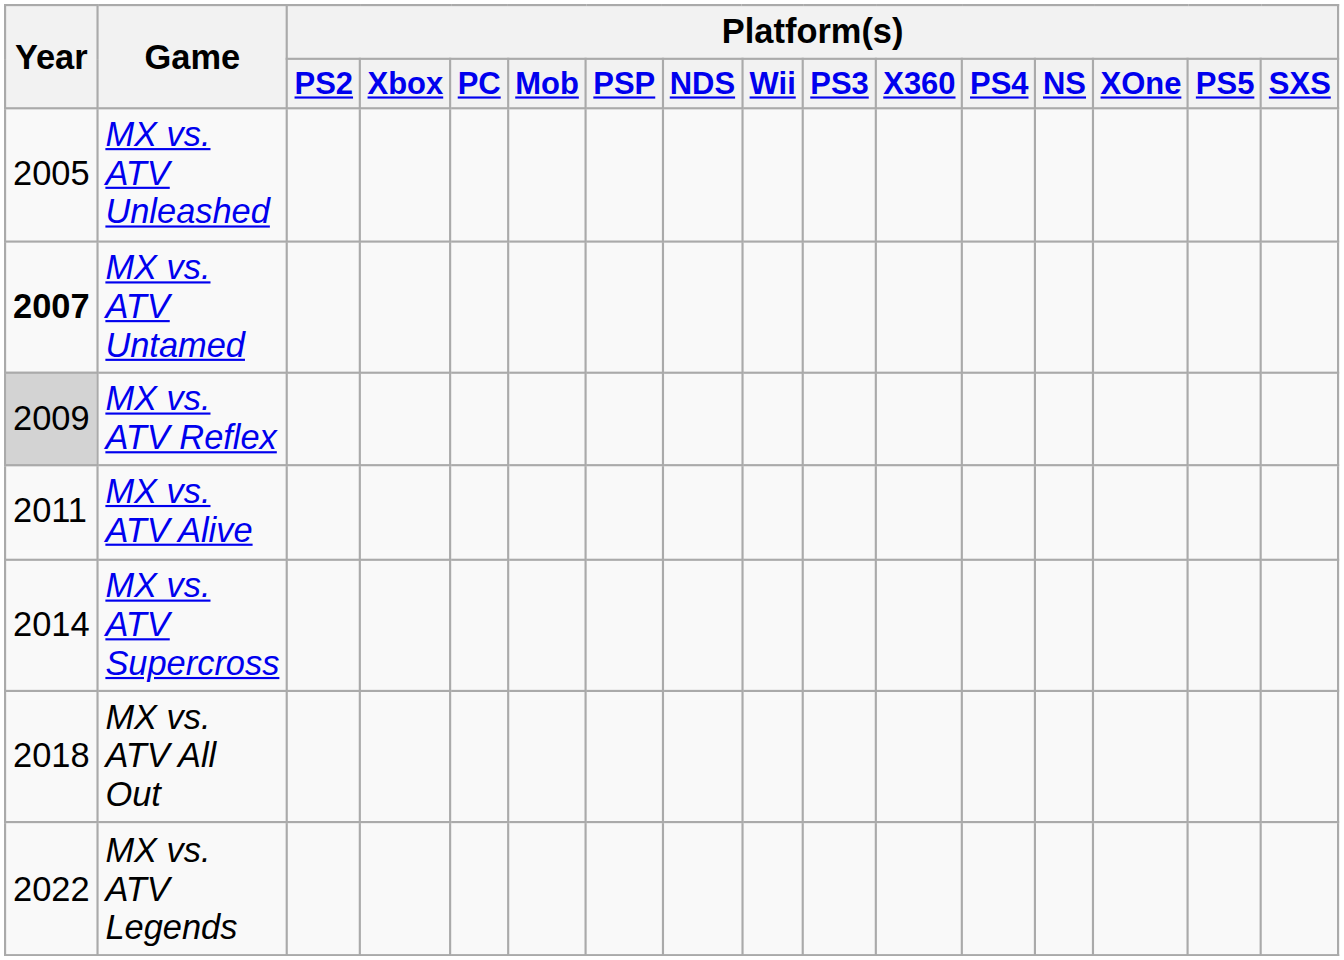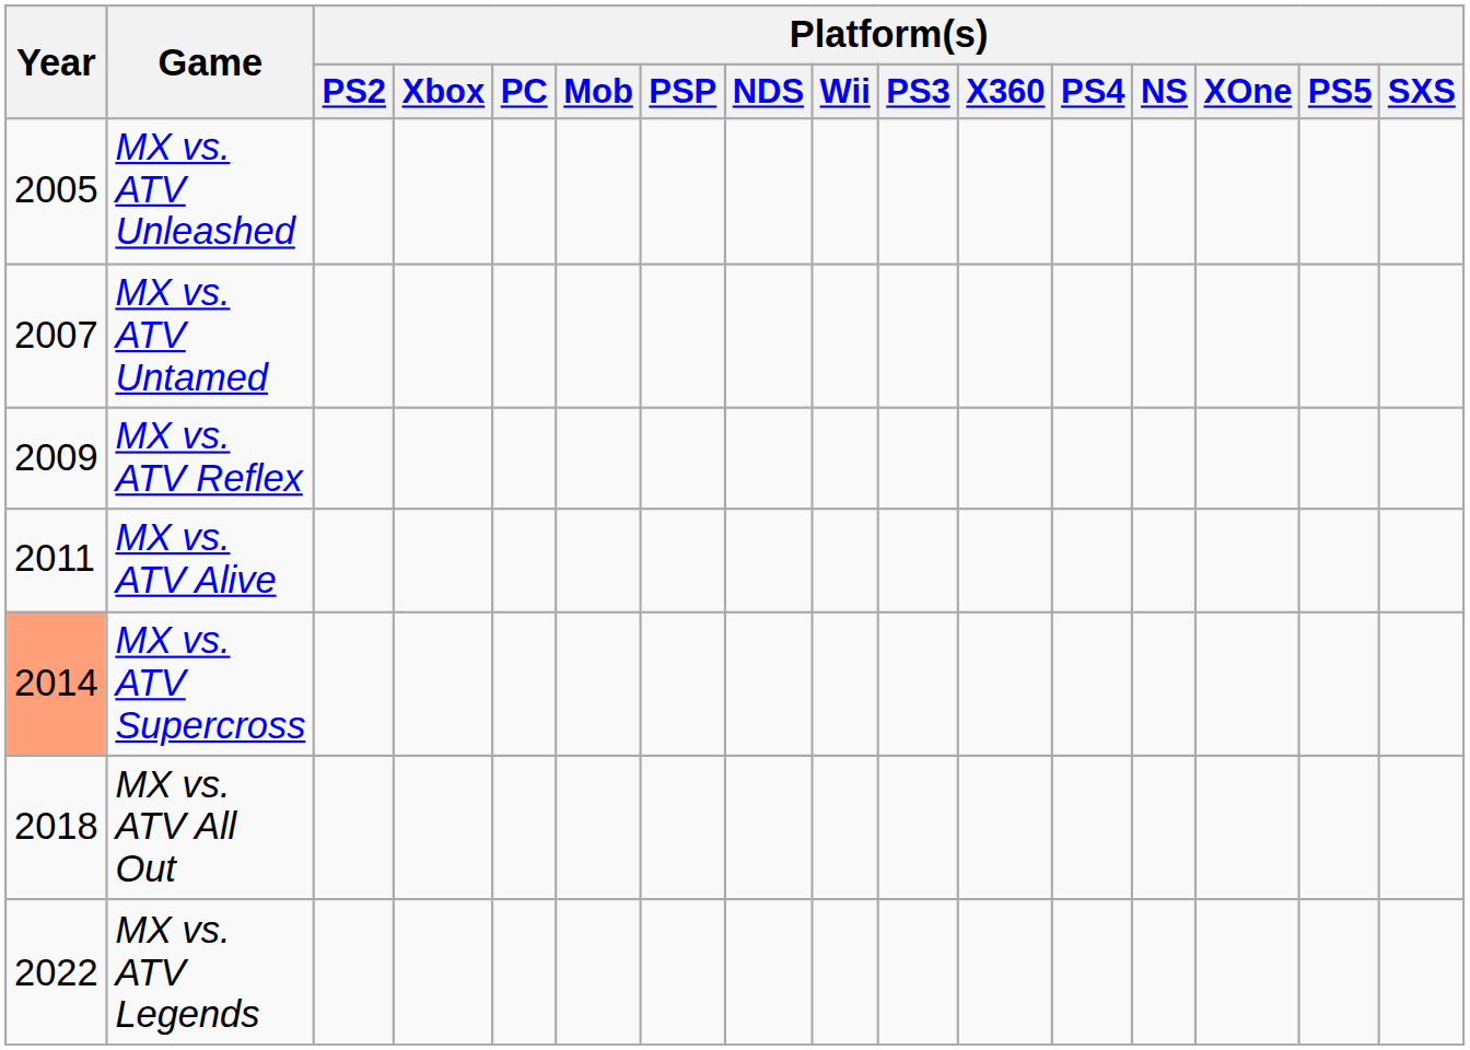 <table class="wikitable sortable">
 <tr>
 <th rowspan="2">Year</th>
 <th rowspan="2">Game</th>
 <th colspan="14">Platform(s)</th>
 </tr>
 <tr>
 <th style="width:3em; font-size:90%" class="unsortable"><a href='#'>PS2</a></th>
 <th style="width:3em; font-size:90%" class="unsortable"><a href='#'>Xbox</a></th>
 <th style="width:3em; font-size:90%" class="unsortable"><a href='#'>PC</a></th>
 <th style="width:3em; font-size:90%" class="unsortable"><a href='#'>Mob</a></th>
 <th style="width:3em; font-size:90%" class="unsortable"><a href='#'>PSP</a></th>
 <th style="width:3em; font-size:90%" class="unsortable"><a href='#'>NDS</a></th>
 <th style="width:3em; font-size:90%" class="unsortable"><a href='#'>Wii</a></th>
 <th style="width:3em; font-size:90%" class="unsortable"><a href='#'>PS3</a></th>
 <th style="width:3em; font-size:90%" class="unsortable"><a href='#'>X360</a></th>
 <th style="width:3em; font-size:90%" class="unsortable"><a href='#'>PS4</a></th>
 <th style="width:3em; font-size:90%" class="unsortable"><a href='#'>NS</a></th>
 <th style="width:3em; font-size:90%" class="unsortable"><a href='#'>XOne</a></th>
 <th style="width:3em; font-size:90%" class="unsortable"><a href='#'>PS5</a></th>
 <th style="width:3em; font-size:90%" class="unsortable"><a href='#'>SXS</a></th>
 </tr>
 <tr>
 <td>2005</td>
 <td><em><a href='#'>MX vs. ATV Unleashed</a></em></td>
 <td></td>
 <td></td>
 <td></td>
 <td></td>
 <td></td>
 <td></td>
 <td></td>
 <td></td>
 <td></td>
 <td></td>
 <td></td>
 <td></td>
 <td></td>
 <td></td>
 </tr>
 <tr>
-<td><strong>2007</strong></td>
+<td>2007</td>
 <td><em><a href='#'>MX vs. ATV Untamed</a></em></td>
 <td></td>
 <td></td>
 <td></td>
 <td></td>
 <td></td>
 <td></td>
 <td></td>
 <td></td>
 <td></td>
 <td></td>
 <td></td>
 <td></td>
 <td></td>
 <td></td>
 </tr>
 <tr>
-<td style="background: lightgrey;">2009</td>
+<td>2009</td>
 <td><em><a href='#'>MX vs. ATV Reflex</a></em></td>
 <td></td>
 <td></td>
 <td></td>
 <td></td>
 <td></td>
 <td></td>
 <td></td>
 <td></td>
 <td></td>
 <td></td>
 <td></td>
 <td></td>
 <td></td>
 <td></td>
 </tr>
 <tr>
 <td>2011</td>
 <td><em><a href='#'>MX vs. ATV Alive</a></em></td>
 <td></td>
 <td></td>
 <td></td>
 <td></td>
 <td></td>
 <td></td>
 <td></td>
 <td></td>
 <td></td>
 <td></td>
 <td></td>
 <td></td>
 <td></td>
 <td></td>
 </tr>
 <tr>
-<td>2014</td>
+<td style="background: lightsalmon;">2014</td>
 <td><em><a href='#'>MX vs. ATV Supercross</a></em></td>
 <td></td>
 <td></td>
 <td></td>
 <td></td>
 <td></td>
 <td></td>
 <td></td>
 <td></td>
 <td></td>
 <td></td>
 <td></td>
 <td></td>
 <td></td>
 <td></td>
 </tr>
 <tr>
 <td>2018</td>
 <td><em>MX vs. ATV All Out</em></td>
 <td></td>
 <td></td>
 <td></td>
 <td></td>
 <td></td>
 <td></td>
 <td></td>
 <td></td>
 <td></td>
 <td></td>
 <td></td>
 <td></td>
 <td></td>
 <td></td>
 </tr>
 <tr>
 <td>2022</td>
 <td><em>MX vs. ATV Legends</em></td>
 <td></td>
 <td></td>
 <td></td>
 <td></td>
 <td></td>
 <td></td>
 <td></td>
 <td></td>
 <td></td>
 <td></td>
 <td></td>
 <td></td>
 <td></td>
 <td></td>
 </tr>
 <tr>
 </tr>
 </table>
